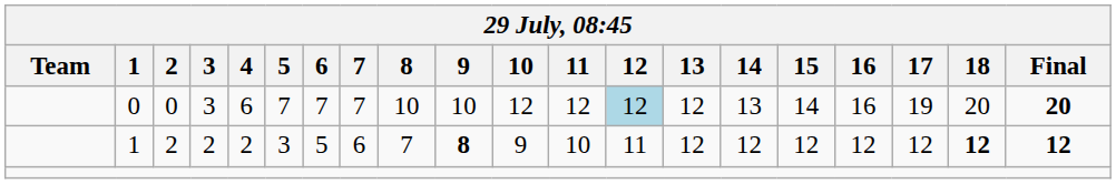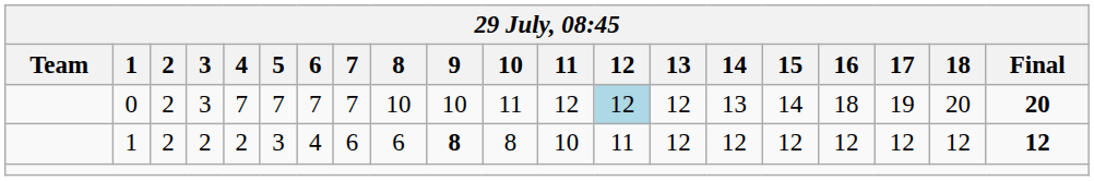 <table class=wikitable style="text-align:center; width: 55%">
 <tr>
 <th colspan=20><em>29 July, 08:45</em></th>
 </tr>
 <tr>
 <th>Team</th>
 <th>1</th>
 <th>2</th>
 <th>3</th>
 <th>4</th>
 <th>5</th>
 <th>6</th>
 <th>7</th>
 <th>8</th>
 <th>9</th>
 <th>10</th>
 <th>11</th>
 <th>12</th>
 <th>13</th>
 <th>14</th>
 <th>15</th>
 <th>16</th>
 <th>17</th>
 <th>18</th>
 <th>Final</th>
 </tr>
 <tr>
 <td align=left><strong></strong></td>
 <td>0</td>
-<td>0</td>
+<td>2</td>
 <td>3</td>
-<td>6</td>
+<td>7</td>
 <td>7</td>
 <td>7</td>
 <td>7</td>
 <td>10</td>
 <td>10</td>
-<td>12</td>
+<td>11</td>
 <td>12</td>
 <td style="background: lightblue;">12</td>
 <td>12</td>
 <td>13</td>
 <td>14</td>
-<td>16</td>
+<td>18</td>
 <td>19</td>
 <td>20</td>
 <td><strong>20</strong></td>
 </tr>
 <tr>
 <td align=left></td>
 <td>1</td>
 <td>2</td>
 <td>2</td>
 <td>2</td>
 <td>3</td>
-<td>5</td>
+<td>4</td>
 <td>6</td>
-<td>7</td>
+<td>6</td>
 <td><strong>8</strong></td>
-<td>9</td>
+<td>8</td>
 <td>10</td>
 <td>11</td>
 <td>12</td>
 <td>12</td>
 <td>12</td>
 <td>12</td>
 <td>12</td>
-<td><strong>12</strong></td>
+<td>12</td>
 <td><strong>12</strong></td>
 </tr>
 <tr>
 <td colspan=20></td>
 </tr>
 </table>
